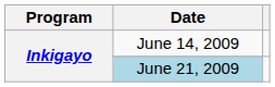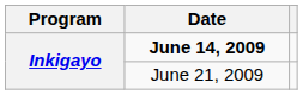 <table class="wikitable plainrowheaders" style="text-align:center">
 <tr>
 <th width="100">Program</th>
 <th width="140">Date</th>
 <th class="unsortable"></th>
 </tr>
 <tr>
 <th scope="row" style="text-align:center" rowspan="2"><em><a href='#'>Inkigayo</a></em></th>
-<td>June 14, 2009</td>
+<td><strong>June 14, 2009</strong></td>
 <td></td>
 </tr>
 <tr>
-<td style="background: lightblue;">June 21, 2009</td>
+<td>June 21, 2009</td>
 <td></td>
 </tr>
 </table>
